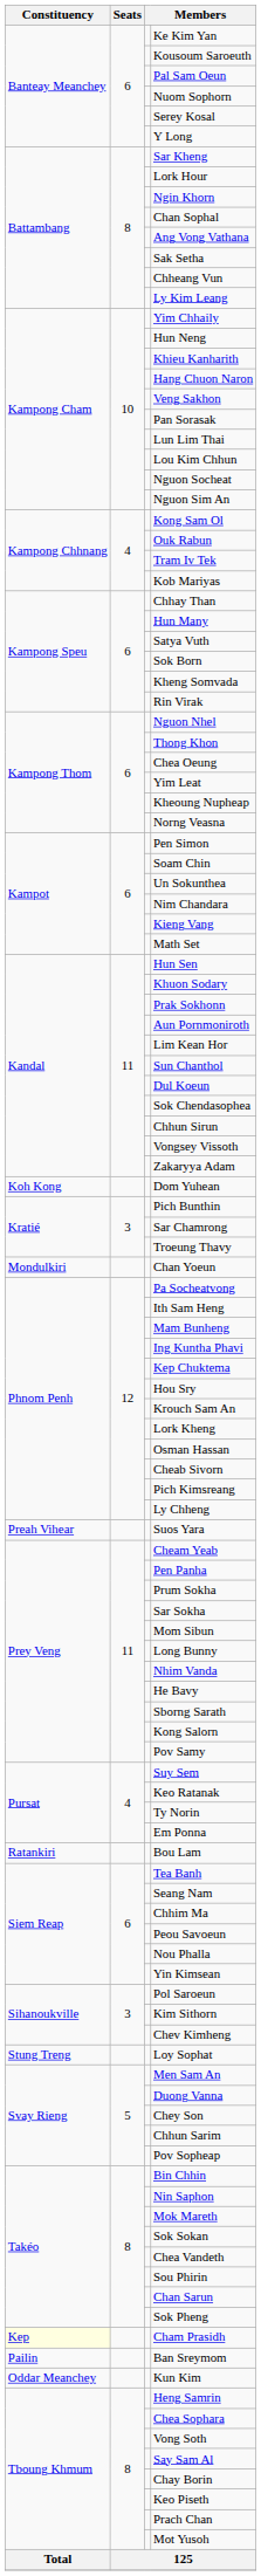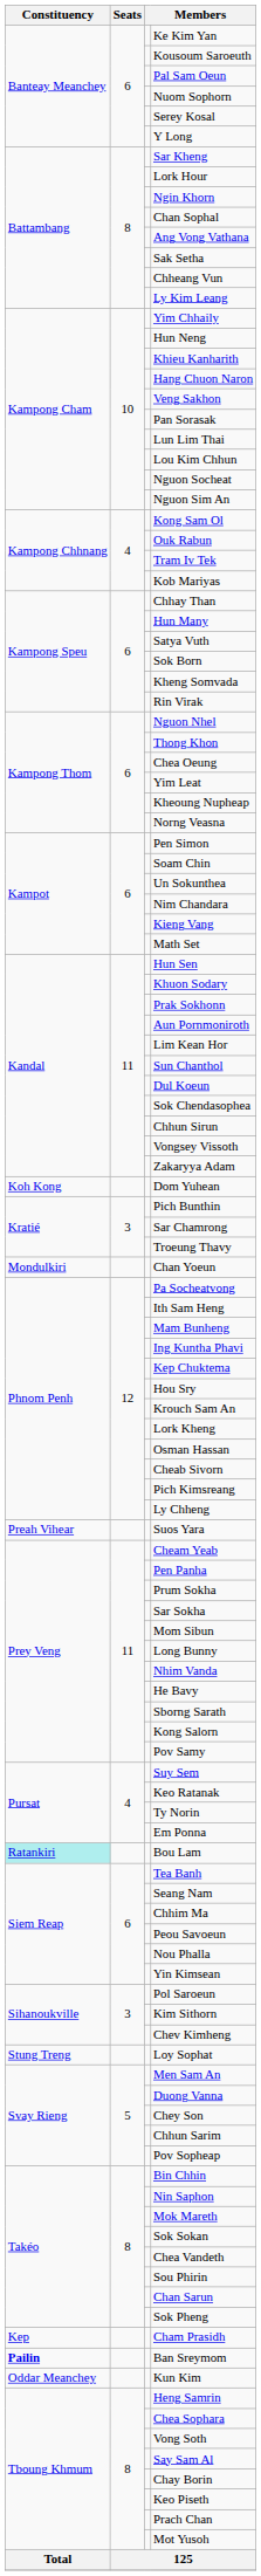 <table class="wikitable sortable">
 <tr>
 <th>Constituency</th>
 <th>Seats</th>
 <th colspan="2">Members</th>
 </tr>
 <tr>
 <td rowspan="6"><a href='#'>Banteay Meanchey</a></td>
 <td rowspan="6" style="text-align:center">6</td>
 <td style="background-color:"></td>
 <td>Ke Kim Yan</td>
 </tr>
 <tr>
 <td style="background-color:"></td>
 <td>Kousoum Saroeuth</td>
 </tr>
 <tr>
 <td style="background-color:"></td>
 <td><a href='#'>Pal Sam Oeun</a></td>
 </tr>
 <tr>
 <td style="background-color:"></td>
 <td>Nuom Sophorn</td>
 </tr>
 <tr>
 <td style="background-color:"></td>
 <td>Serey Kosal</td>
 </tr>
 <tr>
 <td style="background-color:"></td>
 <td>Y Long</td>
 </tr>
 <tr>
 <td rowspan="8"><a href='#'>Battambang</a></td>
 <td rowspan="8" style="text-align:center">8</td>
 <td style="background-color:"></td>
 <td><a href='#'>Sar Kheng</a></td>
 </tr>
 <tr>
 <td style="background-color:"></td>
 <td>Lork Hour</td>
 </tr>
 <tr>
 <td style="background-color:"></td>
 <td><a href='#'>Ngin Khorn</a></td>
 </tr>
 <tr>
 <td style="background-color:"></td>
 <td>Chan Sophal</td>
 </tr>
 <tr>
 <td style="background-color:"></td>
 <td><a href='#'>Ang Vong Vathana</a></td>
 </tr>
 <tr>
 <td style="background-color:"></td>
 <td>Sak Setha</td>
 </tr>
 <tr>
 <td style="background-color:"></td>
 <td>Chheang Vun</td>
 </tr>
 <tr>
 <td style="background-color:"></td>
 <td><a href='#'>Ly Kim Leang</a></td>
 </tr>
 <tr>
 <td rowspan="10"><a href='#'>Kampong Cham</a></td>
 <td rowspan="10" style="text-align:center">10</td>
 <td style="background-color:"></td>
 <td><a href='#'>Yim Chhaily</a></td>
 </tr>
 <tr>
 <td style="background-color:"></td>
 <td>Hun Neng</td>
 </tr>
 <tr>
 <td style="background-color:"></td>
 <td><a href='#'>Khieu Kanharith</a></td>
 </tr>
 <tr>
 <td style="background-color:"></td>
 <td><a href='#'>Hang Chuon Naron</a></td>
 </tr>
 <tr>
 <td style="background-color:"></td>
 <td><a href='#'>Veng Sakhon</a></td>
 </tr>
 <tr>
 <td style="background-color:"></td>
 <td>Pan Sorasak</td>
 </tr>
 <tr>
 <td style="background-color:"></td>
 <td>Lun Lim Thai</td>
 </tr>
 <tr>
 <td style="background-color:"></td>
 <td>Lou Kim Chhun</td>
 </tr>
 <tr>
 <td style="background-color:"></td>
 <td>Nguon Socheat</td>
 </tr>
 <tr>
 <td style="background-color:"></td>
 <td>Nguon Sim An</td>
 </tr>
 <tr>
 <td rowspan="4"><a href='#'>Kampong Chhnang</a></td>
 <td rowspan="4" style="text-align:center">4</td>
 <td style="background-color:"></td>
 <td><a href='#'>Kong Sam Ol</a></td>
 </tr>
 <tr>
 <td style="background-color:"></td>
 <td><a href='#'>Ouk Rabun</a></td>
 </tr>
 <tr>
 <td style="background-color:"></td>
 <td><a href='#'>Tram Iv Tek</a></td>
 </tr>
 <tr>
 <td style="background-color:"></td>
 <td>Kob Mariyas</td>
 </tr>
 <tr>
 <td rowspan="6"><a href='#'>Kampong Speu</a></td>
 <td rowspan="6" style="text-align:center">6</td>
 <td style="background-color:"></td>
 <td>Chhay Than</td>
 </tr>
 <tr>
 <td style="background-color:"></td>
 <td><a href='#'>Hun Many</a></td>
 </tr>
 <tr>
 <td style="background-color:"></td>
 <td>Satya Vuth</td>
 </tr>
 <tr>
 <td style="background-color:"></td>
 <td>Sok Born</td>
 </tr>
 <tr>
 <td style="background-color:"></td>
 <td>Kheng Somvada</td>
 </tr>
 <tr>
 <td style="background-color:"></td>
 <td>Rin Virak</td>
 </tr>
 <tr>
 <td rowspan="6"><a href='#'>Kampong Thom</a></td>
 <td rowspan="6" style="text-align:center">6</td>
 <td style="background-color:"></td>
 <td><a href='#'>Nguon Nhel</a></td>
 </tr>
 <tr>
 <td style="background-color:"></td>
 <td><a href='#'>Thong Khon</a></td>
 </tr>
 <tr>
 <td style="background-color:"></td>
 <td>Chea Oeung</td>
 </tr>
 <tr>
 <td style="background-color:"></td>
 <td>Yim Leat</td>
 </tr>
 <tr>
 <td style="background-color:"></td>
 <td>Kheoung Nupheap</td>
 </tr>
 <tr>
 <td style="background-color:"></td>
 <td>Norng Veasna</td>
 </tr>
 <tr>
 <td rowspan="6"><a href='#'>Kampot</a></td>
 <td rowspan="6" style="text-align:center">6</td>
 <td style="background-color:"></td>
 <td>Pen Simon</td>
 </tr>
 <tr>
 <td style="background-color:"></td>
 <td>Soam Chin</td>
 </tr>
 <tr>
 <td style="background-color:"></td>
 <td>Un Sokunthea</td>
 </tr>
 <tr>
 <td style="background-color:"></td>
 <td>Nim Chandara</td>
 </tr>
 <tr>
 <td style="background-color:"></td>
 <td><a href='#'>Kieng Vang</a></td>
 </tr>
 <tr>
 <td style="background-color:"></td>
 <td>Math Set</td>
 </tr>
 <tr>
 <td rowspan="11"><a href='#'>Kandal</a></td>
 <td rowspan="11" style="text-align:center">11</td>
 <td style="background-color:"></td>
 <td><a href='#'>Hun Sen</a></td>
 </tr>
 <tr>
 <td style="background-color:"></td>
 <td><a href='#'>Khuon Sodary</a></td>
 </tr>
 <tr>
 <td style="background-color:"></td>
 <td><a href='#'>Prak Sokhonn</a></td>
 </tr>
 <tr>
 <td style="background-color:"></td>
 <td><a href='#'>Aun Pornmoniroth</a></td>
 </tr>
 <tr>
 <td style="background-color:"></td>
 <td>Lim Kean Hor</td>
 </tr>
 <tr>
 <td style="background-color:"></td>
 <td><a href='#'>Sun Chanthol</a></td>
 </tr>
 <tr>
 <td style="background-color:"></td>
 <td><a href='#'>Dul Koeun</a></td>
 </tr>
 <tr>
 <td style="background-color:"></td>
 <td>Sok Chendasophea</td>
 </tr>
 <tr>
 <td style="background-color:"></td>
 <td>Chhun Sirun</td>
 </tr>
 <tr>
 <td style="background-color:"></td>
 <td>Vongsey Vissoth</td>
 </tr>
 <tr>
 <td style="background-color:"></td>
 <td>Zakaryya Adam</td>
 </tr>
 <tr>
 <td><a href='#'>Koh Kong</a></td>
 <td></td>
 <td style="background-color:"></td>
 <td>Dom Yuhean</td>
 </tr>
 <tr>
 <td rowspan="3"><a href='#'>Kratié</a></td>
 <td rowspan="3" style="text-align:center">3</td>
 <td style="background-color:"></td>
 <td>Pich Bunthin</td>
 </tr>
 <tr>
 <td style="background-color:"></td>
 <td>Sar Chamrong</td>
 </tr>
 <tr>
 <td style="background-color:"></td>
 <td>Troeung Thavy</td>
 </tr>
 <tr>
 <td><a href='#'>Mondulkiri</a></td>
 <td></td>
 <td style="background-color:"></td>
 <td>Chan Yoeun</td>
 </tr>
 <tr>
 <td rowspan="12"><a href='#'>Phnom Penh</a></td>
 <td rowspan="12" style="text-align:center">12</td>
 <td style="background-color:"></td>
 <td><a href='#'>Pa Socheatvong</a></td>
 </tr>
 <tr>
 <td style="background-color:"></td>
 <td>Ith Sam Heng</td>
 </tr>
 <tr>
 <td style="background-color:"></td>
 <td><a href='#'>Mam Bunheng</a></td>
 </tr>
 <tr>
 <td style="background-color:"></td>
 <td><a href='#'>Ing Kuntha Phavi</a></td>
 </tr>
 <tr>
 <td style="background-color:"></td>
 <td><a href='#'>Kep Chuktema</a></td>
 </tr>
 <tr>
 <td style="background-color:"></td>
 <td>Hou Sry</td>
 </tr>
 <tr>
 <td style="background-color:"></td>
 <td>Krouch Sam An</td>
 </tr>
 <tr>
 <td style="background-color:"></td>
 <td>Lork Kheng</td>
 </tr>
 <tr>
 <td style="background-color:"></td>
 <td>Osman Hassan</td>
 </tr>
 <tr>
 <td style="background-color:"></td>
 <td>Cheab Sivorn</td>
 </tr>
 <tr>
 <td style="background-color:"></td>
 <td>Pich Kimsreang</td>
 </tr>
 <tr>
 <td style="background-color:"></td>
 <td>Ly Chheng</td>
 </tr>
 <tr>
 <td><a href='#'>Preah Vihear</a></td>
 <td></td>
 <td style="background-color:"></td>
 <td>Suos Yara</td>
 </tr>
 <tr>
 <td rowspan="11"><a href='#'>Prey Veng</a></td>
 <td rowspan="11" style="text-align:center">11</td>
 <td style="background-color:"></td>
 <td><a href='#'>Cheam Yeab</a></td>
 </tr>
 <tr>
 <td style="background-color:"></td>
 <td><a href='#'>Pen Panha</a></td>
 </tr>
 <tr>
 <td style="background-color:"></td>
 <td>Prum Sokha</td>
 </tr>
 <tr>
 <td style="background-color:"></td>
 <td>Sar Sokha</td>
 </tr>
 <tr>
 <td style="background-color:"></td>
 <td>Mom Sibun</td>
 </tr>
 <tr>
 <td style="background-color:"></td>
 <td>Long Bunny</td>
 </tr>
 <tr>
 <td style="background-color:"></td>
 <td><a href='#'>Nhim Vanda</a></td>
 </tr>
 <tr>
 <td style="background-color:"></td>
 <td>He Bavy</td>
 </tr>
 <tr>
 <td style="background-color:"></td>
 <td>Sborng Sarath</td>
 </tr>
 <tr>
 <td style="background-color:"></td>
 <td>Kong Salorn</td>
 </tr>
 <tr>
 <td style="background-color:"></td>
 <td>Pov Samy</td>
 </tr>
 <tr>
 <td rowspan="4"><a href='#'>Pursat</a></td>
 <td rowspan="4" style="text-align:center">4</td>
 <td style="background-color:"></td>
 <td><a href='#'>Suy Sem</a></td>
 </tr>
 <tr>
 <td style="background-color:"></td>
 <td>Keo Ratanak</td>
 </tr>
 <tr>
 <td style="background-color:"></td>
 <td>Ty Norin</td>
 </tr>
 <tr>
 <td style="background-color:"></td>
 <td>Em Ponna</td>
 </tr>
 <tr>
-<td><a href='#'>Ratankiri</a></td>
+<td style="background: paleturquoise;"><a href='#'>Ratankiri</a></td>
 <td></td>
 <td style="background-color:"></td>
 <td>Bou Lam</td>
 </tr>
 <tr>
 <td rowspan="6"><a href='#'>Siem Reap</a></td>
 <td rowspan="6" style="text-align:center">6</td>
 <td style="background-color:"></td>
 <td><a href='#'>Tea Banh</a></td>
 </tr>
 <tr>
 <td style="background-color:"></td>
 <td>Seang Nam</td>
 </tr>
 <tr>
 <td style="background-color:"></td>
 <td>Chhim Ma</td>
 </tr>
 <tr>
 <td style="background-color:"></td>
 <td>Peou Savoeun</td>
 </tr>
 <tr>
 <td style="background-color:"></td>
 <td>Nou Phalla</td>
 </tr>
 <tr>
 <td style="background-color:"></td>
 <td>Yin Kimsean</td>
 </tr>
 <tr>
 <td rowspan="3"><a href='#'>Sihanoukville</a></td>
 <td rowspan="3" style="text-align:center">3</td>
 <td style="background-color:"></td>
 <td>Pol Saroeun</td>
 </tr>
 <tr>
 <td style="background-color:"></td>
 <td>Kim Sithorn</td>
 </tr>
 <tr>
 <td style="background-color:"></td>
 <td>Chev Kimheng</td>
 </tr>
 <tr>
 <td><a href='#'>Stung Treng</a></td>
 <td></td>
 <td style="background-color:"></td>
 <td>Loy Sophat</td>
 </tr>
 <tr>
 <td rowspan="5"><a href='#'>Svay Rieng</a></td>
 <td rowspan="5" style="text-align:center">5</td>
 <td style="background-color:"></td>
 <td><a href='#'>Men Sam An</a></td>
 </tr>
 <tr>
 <td style="background-color:"></td>
 <td><a href='#'>Duong Vanna</a></td>
 </tr>
 <tr>
 <td style="background-color:"></td>
 <td>Chey Son</td>
 </tr>
 <tr>
 <td style="background-color:"></td>
 <td>Chhun Sarim</td>
 </tr>
 <tr>
 <td style="background-color:"></td>
 <td>Pov Sopheap</td>
 </tr>
 <tr>
 <td rowspan="8"><a href='#'>Takéo</a></td>
 <td rowspan="8" style="text-align:center">8</td>
 <td style="background-color:"></td>
 <td><a href='#'>Bin Chhin</a></td>
 </tr>
 <tr>
 <td style="background-color:"></td>
 <td><a href='#'>Nin Saphon</a></td>
 </tr>
 <tr>
 <td style="background-color:"></td>
 <td><a href='#'>Mok Mareth</a></td>
 </tr>
 <tr>
 <td style="background-color:"></td>
 <td>Sok Sokan</td>
 </tr>
 <tr>
 <td style="background-color:"></td>
 <td>Chea Vandeth</td>
 </tr>
 <tr>
 <td style="background-color:"></td>
 <td>Sou Phirin</td>
 </tr>
 <tr>
 <td style="background-color:"></td>
 <td><a href='#'>Chan Sarun</a></td>
 </tr>
 <tr>
 <td style="background-color:"></td>
 <td>Sok Pheng</td>
 </tr>
 <tr>
-<td style="background: lightyellow;"><a href='#'>Kep</a></td>
+<td><a href='#'>Kep</a></td>
 <td></td>
 <td style="background-color:"></td>
 <td><a href='#'>Cham Prasidh</a></td>
 </tr>
 <tr>
-<td><a href='#'>Pailin</a></td>
+<td><strong><a href='#'>Pailin</a></strong></td>
 <td></td>
 <td style="background-color:"></td>
 <td>Ban Sreymom</td>
 </tr>
 <tr>
 <td><a href='#'>Oddar Meanchey</a></td>
 <td></td>
 <td style="background-color:"></td>
 <td>Kun Kim</td>
 </tr>
 <tr>
 <td rowspan="8"><a href='#'>Tboung Khmum</a></td>
 <td rowspan="8" style="text-align:center">8</td>
 <td style="background-color:"></td>
 <td><a href='#'>Heng Samrin</a></td>
 </tr>
 <tr>
 <td style="background-color:"></td>
 <td><a href='#'>Chea Sophara</a></td>
 </tr>
 <tr>
 <td style="background-color:"></td>
 <td>Vong Soth</td>
 </tr>
 <tr>
 <td style="background-color:"></td>
 <td><a href='#'>Say Sam Al</a></td>
 </tr>
 <tr>
 <td style="background-color:"></td>
 <td>Chay Borin</td>
 </tr>
 <tr>
 <td style="background-color:"></td>
 <td>Keo Piseth</td>
 </tr>
 <tr>
 <td style="background-color:"></td>
 <td>Prach Chan</td>
 </tr>
 <tr>
 <td style="background-color:"></td>
 <td>Mot Yusoh</td>
 </tr>
 <tr>
 <th>Total</th>
 <th colspan="3">125</th>
 </tr>
 <tr>
 </tr>
 </table>
